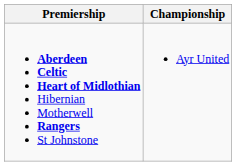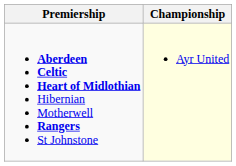 <table class="wikitable">
 <tr>
 <th>Premiership</th>
 <th>Championship</th>
 </tr>
 <tr>
 <td valign=top><br><ul><li><strong><a href='#'>Aberdeen</a></strong></li><li><strong><a href='#'>Celtic</a></strong></li><li><strong><a href='#'>Heart of Midlothian</a></strong></li><li><a href='#'>Hibernian</a></li><li><a href='#'>Motherwell</a></li><li><strong><a href='#'>Rangers</a></strong></li><li><a href='#'>St Johnstone</a></li></ul></td>
-<td valign=top><br><ul><li><a href='#'>Ayr United</a></li></ul></td>
+<td valign=top style="background: lightyellow;"><br><ul><li><a href='#'>Ayr United</a></li></ul></td>
 </tr>
 </table>
